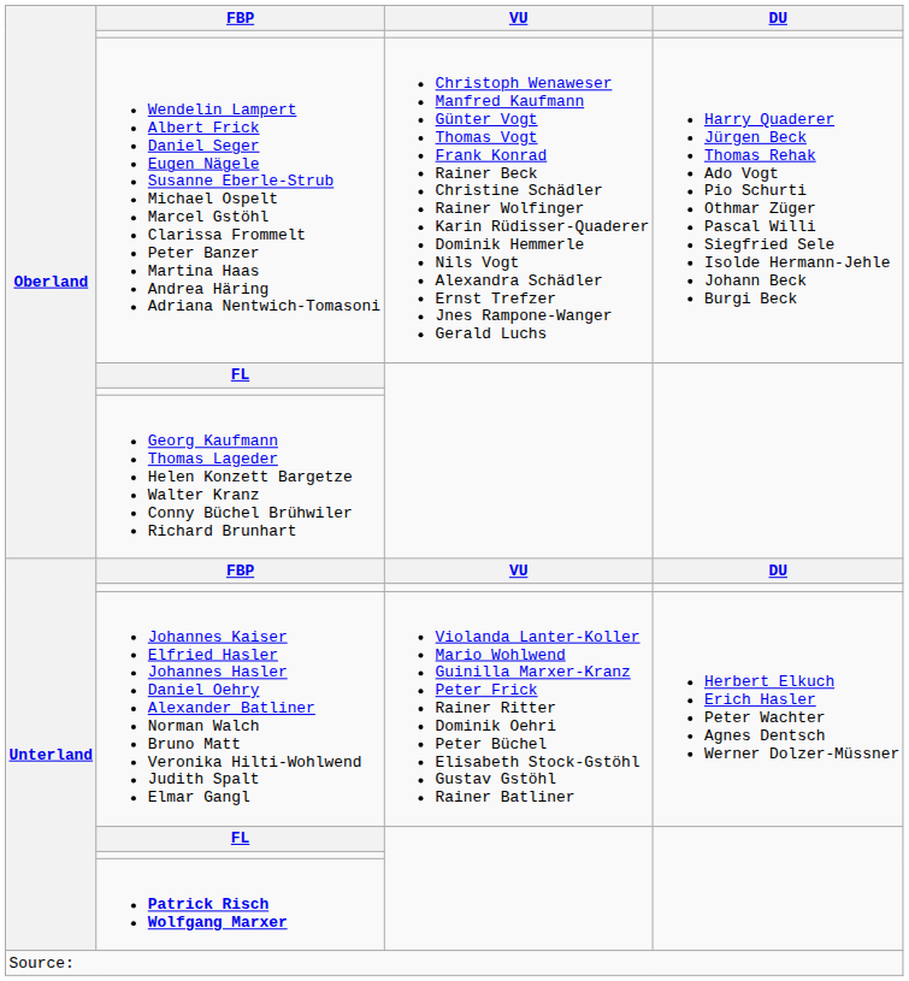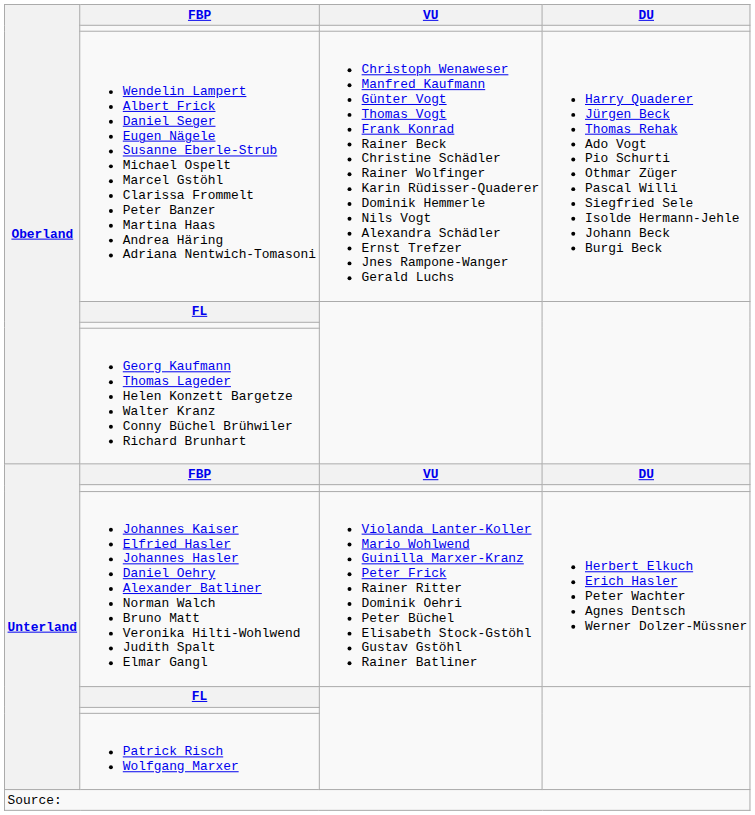 <table class="wikitable">
 <tr>
 <th rowspan="6"><a href='#'>Oberland</a></th>
 <th><a href='#'>FBP</a></th>
 <th><a href='#'>VU</a></th>
 <th><a href='#'>DU</a></th>
 </tr>
 <tr>
 <td></td>
 <td></td>
 <td></td>
 </tr>
 <tr>
 <td><br><ul><li><a href='#'>Wendelin Lampert</a></li><li><a href='#'>Albert Frick</a></li><li><a href='#'>Daniel Seger</a></li><li><a href='#'>Eugen Nägele</a></li><li><a href='#'>Susanne Eberle-Strub</a></li><li>Michael Ospelt</li><li>Marcel Gstöhl</li><li>Clarissa Frommelt</li><li>Peter Banzer</li><li>Martina Haas</li><li>Andrea Häring</li><li>Adriana Nentwich-Tomasoni</li></ul></td>
 <td><br><ul><li><a href='#'>Christoph Wenaweser</a></li><li><a href='#'>Manfred Kaufmann</a></li><li><a href='#'>Günter Vogt</a></li><li><a href='#'>Thomas Vogt</a></li><li><a href='#'>Frank Konrad</a></li><li>Rainer Beck</li><li>Christine Schädler</li><li>Rainer Wolfinger</li><li>Karin Rüdisser-Quaderer</li><li>Dominik Hemmerle</li><li>Nils Vogt</li><li>Alexandra Schädler</li><li>Ernst Trefzer</li><li>Jnes Rampone-Wanger</li><li>Gerald Luchs</li></ul></td>
 <td><br><ul><li><a href='#'>Harry Quaderer</a></li><li><a href='#'>Jürgen Beck</a></li><li><a href='#'>Thomas Rehak</a></li><li>Ado Vogt</li><li>Pio Schurti</li><li>Othmar Züger</li><li>Pascal Willi</li><li>Siegfried Sele</li><li>Isolde Hermann-Jehle</li><li>Johann Beck</li><li>Burgi Beck</li></ul></td>
 </tr>
 <tr>
 <th><a href='#'>FL</a></th>
 <td rowspan="3"></td>
 </tr>
 <tr>
 <td></td>
 </tr>
 <tr>
 <td><br><ul><li><a href='#'>Georg Kaufmann</a></li><li><a href='#'>Thomas Lageder</a></li><li>Helen Konzett Bargetze</li><li>Walter Kranz</li><li>Conny Büchel Brühwiler</li><li>Richard Brunhart</li></ul></td>
 </tr>
 <tr>
 <th rowspan="6"><a href='#'>Unterland</a></th>
 <th><a href='#'>FBP</a></th>
 <th><a href='#'>VU</a></th>
 <th><a href='#'>DU</a></th>
 </tr>
 <tr>
 <td></td>
 <td></td>
 <td></td>
 </tr>
 <tr>
 <td><br><ul><li><a href='#'>Johannes Kaiser</a></li><li><a href='#'>Elfried Hasler</a></li><li><a href='#'>Johannes Hasler</a></li><li><a href='#'>Daniel Oehry</a></li><li><a href='#'>Alexander Batliner</a></li><li>Norman Walch</li><li>Bruno Matt</li><li>Veronika Hilti-Wohlwend</li><li>Judith Spalt</li><li>Elmar Gangl</li></ul></td>
 <td><br><ul><li><a href='#'>Violanda Lanter-Koller</a></li><li><a href='#'>Mario Wohlwend</a></li><li><a href='#'>Guinilla Marxer-Kranz</a></li><li><a href='#'>Peter Frick</a></li><li>Rainer Ritter</li><li>Dominik Oehri</li><li>Peter Büchel</li><li>Elisabeth Stock-Gstöhl</li><li>Gustav Gstöhl</li><li>Rainer Batliner</li></ul></td>
 <td><br><ul><li><a href='#'>Herbert Elkuch</a></li><li><a href='#'>Erich Hasler</a></li><li>Peter Wachter</li><li>Agnes Dentsch</li><li>Werner Dolzer-Müssner</li></ul></td>
 </tr>
 <tr>
 <th><a href='#'>FL</a></th>
 <td rowspan="3"></td>
 </tr>
 <tr>
 <td></td>
 </tr>
 <tr>
-<td><strong><br><ul><li><a href='#'>Patrick Risch</a></li><li><a href='#'>Wolfgang Marxer</a></li></ul></strong></td>
+<td><br><ul><li><a href='#'>Patrick Risch</a></li><li><a href='#'>Wolfgang Marxer</a></li></ul></td>
 </tr>
 <tr>
 <td colspan="4">Source: </td>
 </tr>
 </table>
